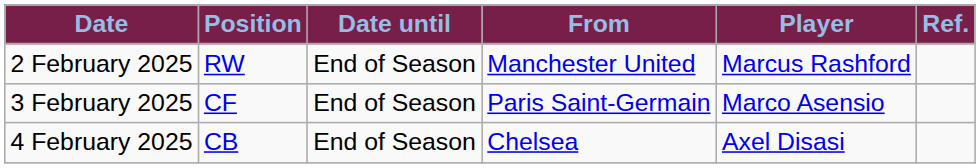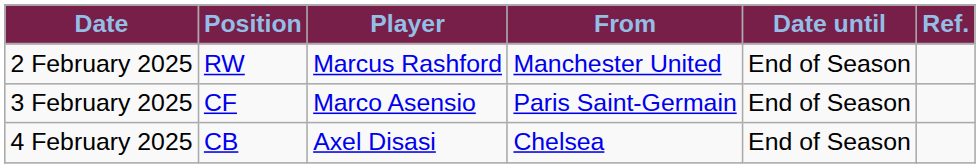 <table class="wikitable plainrowheaders sortable">
 <tr>
 <th style="background:#771F48; color:#94BEE5; ">Date</th>
 <th style="background:#771F48; color:#94BEE5; ">Position</th>
+<th style="background:#771F48; color:#94BEE5; ">Player</th>
+<th style="background:#771F48; color:#94BEE5; ">From</th>
 <th style="background:#771F48; color:#94BEE5; ">Date until</th>
-<th style="background:#771F48; color:#94BEE5; ">From</th>
-<th style="background:#771F48; color:#94BEE5; ">Player</th>
 <th style="background:#771F48; color:#94BEE5; ">Ref.</th>
 </tr>
 <tr>
 <td>2 February 2025</td>
 <td><a href='#'>RW</a></td>
+<td> <a href='#'>Marcus Rashford</a></td>
+<td> <a href='#'>Manchester United</a></td>
 <td>End of Season</td>
-<td> <a href='#'>Manchester United</a></td>
-<td> <a href='#'>Marcus Rashford</a></td>
 <td></td>
 </tr>
 <tr>
 <td>3 February 2025</td>
 <td><a href='#'>CF</a></td>
+<td> <a href='#'>Marco Asensio</a></td>
+<td> <a href='#'>Paris Saint-Germain</a></td>
 <td>End of Season</td>
-<td> <a href='#'>Paris Saint-Germain</a></td>
-<td> <a href='#'>Marco Asensio</a></td>
 <td></td>
 </tr>
 <tr>
 <td>4 February 2025</td>
 <td><a href='#'>CB</a></td>
+<td> <a href='#'>Axel Disasi</a></td>
+<td> <a href='#'>Chelsea</a></td>
 <td>End of Season</td>
-<td> <a href='#'>Chelsea</a></td>
-<td> <a href='#'>Axel Disasi</a></td>
 <td></td>
 </tr>
 </table>
